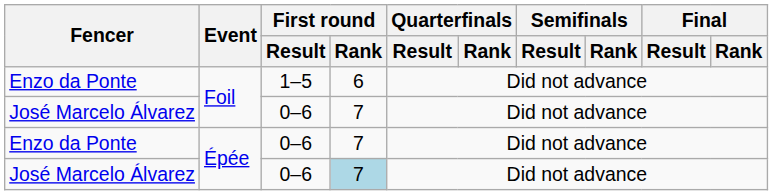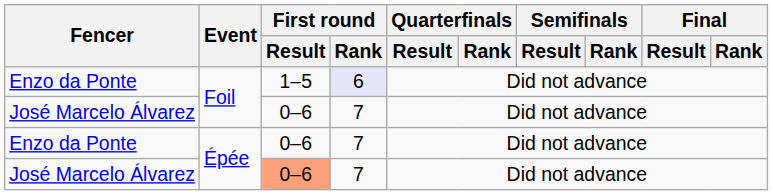 <table class=wikitable style="font-size:90%">
 <tr>
 <th rowspan=2>Fencer</th>
 <th rowspan=2>Event</th>
 <th colspan=2>First round</th>
 <th colspan=2>Quarterfinals</th>
 <th colspan=2>Semifinals</th>
 <th colspan=2>Final</th>
 </tr>
 <tr>
 <th>Result</th>
 <th>Rank</th>
 <th>Result</th>
 <th>Rank</th>
 <th>Result</th>
 <th>Rank</th>
 <th>Result</th>
 <th>Rank</th>
 </tr>
 <tr>
 <td><a href='#'>Enzo da Ponte</a></td>
 <td rowspan=2><a href='#'>Foil</a></td>
 <td align=center>1–5</td>
-<td align=center>6</td>
+<td align=center style="background: lavender;">6</td>
 <td align=center colspan=6>Did not advance</td>
 </tr>
 <tr>
 <td><a href='#'>José Marcelo Álvarez</a></td>
 <td align=center>0–6</td>
 <td align=center>7</td>
 <td align=center colspan=6>Did not advance</td>
 </tr>
 <tr>
 <td><a href='#'>Enzo da Ponte</a></td>
 <td rowspan=2><a href='#'>Épée</a></td>
 <td align=center>0–6</td>
 <td align=center>7</td>
 <td align=center colspan=6>Did not advance</td>
 </tr>
 <tr>
 <td><a href='#'>José Marcelo Álvarez</a></td>
-<td align=center>0–6</td>
-<td align=center style="background: lightblue;">7</td>
+<td align=center style="background: lightsalmon;">0–6</td>
+<td align=center>7</td>
 <td align=center colspan=6>Did not advance</td>
 </tr>
 </table>
